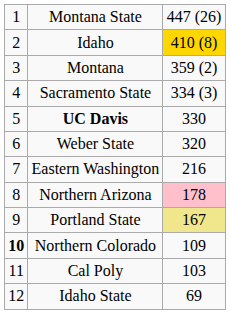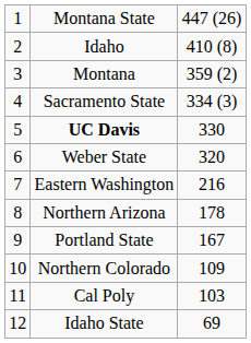 <table class="wikitable" style="display: inline-table;">
 <tr align="center">
 </tr>
 <tr align="center">
 <td>1</td>
 <td>Montana State</td>
 <td>447 (26)</td>
 </tr>
 <tr align="center">
 <td>2</td>
 <td>Idaho</td>
-<td style="background: gold;">410 (8)</td>
+<td>410 (8)</td>
 </tr>
 <tr align="center">
 <td>3</td>
 <td>Montana</td>
 <td>359 (2)</td>
 </tr>
 <tr align="center">
 <td>4</td>
 <td>Sacramento State</td>
 <td>334 (3)</td>
 </tr>
 <tr align="center">
 <td>5</td>
 <td><strong>UC Davis</strong></td>
 <td>330</td>
 </tr>
 <tr align="center">
 <td>6</td>
 <td>Weber State</td>
 <td>320</td>
 </tr>
 <tr align="center">
 <td>7</td>
 <td>Eastern Washington</td>
 <td>216</td>
 </tr>
 <tr align="center">
 <td>8</td>
 <td>Northern Arizona</td>
-<td style="background: pink;">178</td>
+<td>178</td>
 </tr>
 <tr align="center">
 <td>9</td>
 <td>Portland State</td>
-<td style="background: khaki;">167</td>
+<td>167</td>
 </tr>
 <tr align="center">
-<td><strong>10</strong></td>
+<td>10</td>
 <td>Northern Colorado</td>
 <td>109</td>
 </tr>
 <tr align="center">
 <td>11</td>
 <td>Cal Poly</td>
 <td>103</td>
 </tr>
 <tr align="center">
 <td>12</td>
 <td>Idaho State</td>
 <td>69</td>
 </tr>
 </table>
